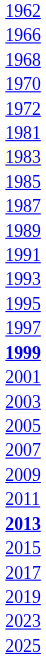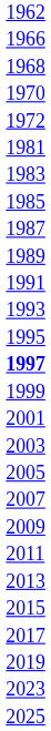 <table>
 <tr>
 <td><a href='#'>1962</a></td>
 <td></td>
 <td></td>
 <td></td>
 </tr>
 <tr>
 <td><a href='#'>1966</a></td>
 <td></td>
 <td></td>
 <td></td>
 </tr>
 <tr>
 <td><a href='#'>1968</a></td>
 <td></td>
 <td></td>
 <td></td>
 </tr>
 <tr>
 <td><a href='#'>1970</a></td>
 <td></td>
 <td></td>
 <td></td>
 </tr>
 <tr>
 <td><a href='#'>1972</a></td>
 <td></td>
 <td></td>
 <td></td>
 </tr>
 <tr>
 <td><a href='#'>1981</a></td>
 <td></td>
 <td></td>
 <td></td>
 </tr>
 <tr>
-<td style="background: lightyellow;"><a href='#'>1983</a></td>
+<td><a href='#'>1983</a></td>
 <td></td>
 <td></td>
 <td></td>
 </tr>
 <tr>
 <td><a href='#'>1985</a></td>
 <td></td>
 <td></td>
 <td></td>
 </tr>
 <tr>
 <td><a href='#'>1987</a></td>
 <td></td>
 <td></td>
 <td></td>
 </tr>
 <tr>
 <td><a href='#'>1989</a></td>
 <td></td>
 <td></td>
 <td></td>
 </tr>
 <tr>
 <td><a href='#'>1991</a></td>
 <td></td>
 <td></td>
 <td></td>
 </tr>
 <tr>
 <td><a href='#'>1993</a></td>
 <td></td>
 <td></td>
 <td></td>
 </tr>
 <tr>
 <td><a href='#'>1995</a></td>
 <td></td>
 <td></td>
 <td></td>
 </tr>
 <tr>
-<td><a href='#'>1997</a></td>
+<td><strong><a href='#'>1997</a></strong></td>
 <td></td>
 <td></td>
 <td></td>
 </tr>
 <tr>
-<td><strong><a href='#'>1999</a></strong></td>
+<td><a href='#'>1999</a></td>
 <td></td>
 <td></td>
 <td></td>
 </tr>
 <tr>
 <td><a href='#'>2001</a></td>
 <td></td>
 <td></td>
 <td></td>
 </tr>
 <tr>
 <td><a href='#'>2003</a></td>
 <td></td>
 <td></td>
 <td></td>
 </tr>
 <tr>
 <td><a href='#'>2005</a></td>
 <td></td>
 <td></td>
 <td></td>
 </tr>
 <tr>
 <td><a href='#'>2007</a></td>
 <td></td>
 <td></td>
 <td></td>
 </tr>
 <tr>
 <td><a href='#'>2009</a></td>
 <td></td>
 <td></td>
 <td></td>
 </tr>
 <tr>
 <td><a href='#'>2011</a></td>
 <td></td>
 <td></td>
 <td></td>
 </tr>
 <tr>
-<td><strong><a href='#'>2013</a></strong></td>
+<td><a href='#'>2013</a></td>
 <td></td>
 <td></td>
 <td></td>
 </tr>
 <tr>
 <td><a href='#'>2015</a></td>
 <td></td>
 <td></td>
 <td></td>
 </tr>
 <tr>
 <td><a href='#'>2017</a></td>
 <td></td>
 <td></td>
 <td></td>
 </tr>
 <tr>
 <td><a href='#'>2019</a></td>
 <td></td>
 <td></td>
 <td></td>
 </tr>
 <tr>
 <td><a href='#'>2023</a></td>
 <td></td>
 <td></td>
 <td></td>
 </tr>
 <tr>
 <td><a href='#'>2025</a></td>
 <td></td>
 <td></td>
 <td></td>
 </tr>
 </table>
